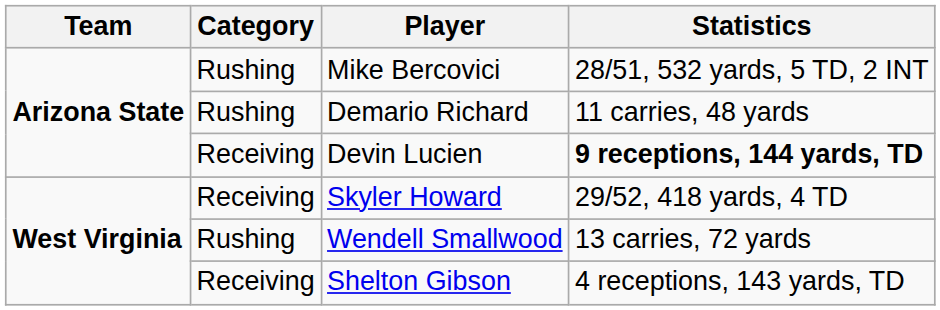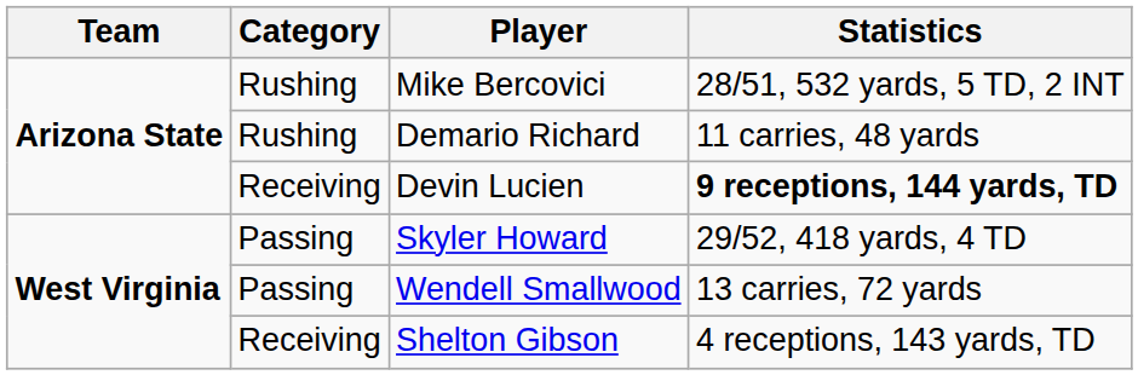 <table class="wikitable" style="float: right;">
 <tr>
 <th>Team</th>
 <th>Category</th>
 <th>Player</th>
 <th>Statistics</th>
 </tr>
 <tr>
 <td rowspan=3><strong>Arizona State</strong></td>
 <td>Rushing</td>
 <td>Mike Bercovici</td>
 <td>28/51, 532 yards, 5 TD, 2 INT</td>
 </tr>
 <tr>
 <td>Rushing</td>
 <td>Demario Richard</td>
 <td>11 carries, 48 yards</td>
 </tr>
 <tr>
 <td>Receiving</td>
 <td>Devin Lucien</td>
 <td><strong>9 receptions, 144 yards, TD</strong></td>
 </tr>
 <tr>
 <td rowspan=3><strong>West Virginia</strong></td>
-<td>Receiving</td>
+<td>Passing</td>
 <td><a href='#'>Skyler Howard</a></td>
 <td>29/52, 418 yards, 4 TD</td>
 </tr>
 <tr>
-<td>Rushing</td>
+<td>Passing</td>
 <td><a href='#'>Wendell Smallwood</a></td>
 <td>13 carries, 72 yards</td>
 </tr>
 <tr>
 <td>Receiving</td>
 <td><a href='#'>Shelton Gibson</a></td>
 <td>4 receptions, 143 yards, TD</td>
 </tr>
 </table>
